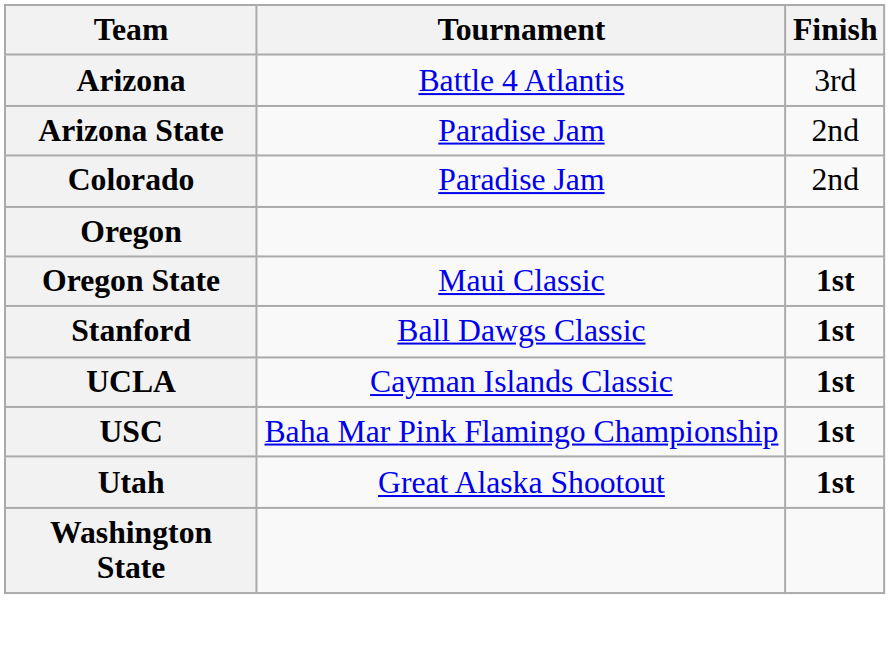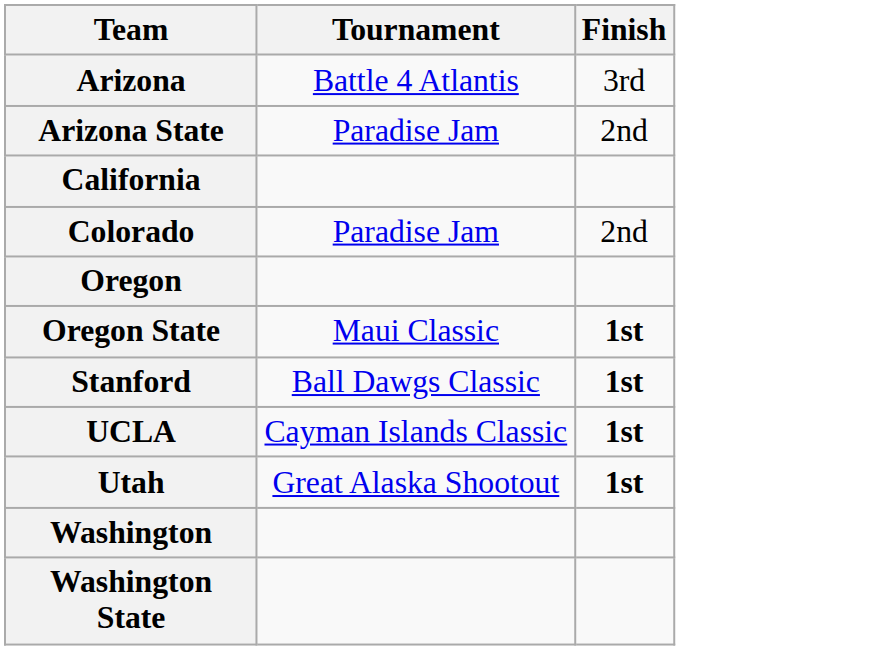 <table class="wikitable">
 <tr>
 <th>Team</th>
 <th>Tournament</th>
 <th>Finish</th>
 </tr>
 <tr style="text-align:center;">
 <th width="75">Arizona</th>
 <td><a href='#'>Battle 4 Atlantis</a></td>
 <td>3rd</td>
 </tr>
 <tr style="text-align:center;">
 <th width="100">Arizona State</th>
 <td><a href='#'>Paradise Jam</a></td>
 <td>2nd</td>
+</tr>
+<tr style="text-align:center;">
+<th width="75">California</th>
+<td></td>
+<td></td>
 </tr>
 <tr style="text-align:center;">
 <th width="75">Colorado</th>
 <td><a href='#'>Paradise Jam</a></td>
 <td>2nd</td>
 </tr>
 <tr style="text-align:center;">
 <th width="75">Oregon</th>
 <td></td>
 <td></td>
 </tr>
 <tr style="text-align:center;">
 <th width="75">Oregon State</th>
 <td><a href='#'>Maui Classic</a></td>
 <td><strong>1st</strong></td>
 </tr>
 <tr style="text-align:center;">
 <th width="75">Stanford</th>
 <td><a href='#'>Ball Dawgs Classic</a></td>
 <td><strong>1st</strong></td>
 </tr>
 <tr style="text-align:center;">
 <th width="75">UCLA</th>
 <td><a href='#'>Cayman Islands Classic</a></td>
 <td><strong>1st</strong></td>
 </tr>
 <tr style="text-align:center;">
-<th width="75">USC</th>
-<td><a href='#'>Baha Mar Pink Flamingo Championship</a></td>
+<th width="75">Utah</th>
+<td><a href='#'>Great Alaska Shootout</a></td>
 <td><strong>1st</strong></td>
 </tr>
 <tr style="text-align:center;">
-<th width="75">Utah</th>
-<td><a href='#'>Great Alaska Shootout</a></td>
-<td><strong>1st</strong></td>
+<th width="75">Washington</th>
+<td></td>
+<td></td>
 </tr>
 <tr style="text-align:center;">
 <th width="120">Washington State</th>
 <td></td>
 <td></td>
 </tr>
 </table>
